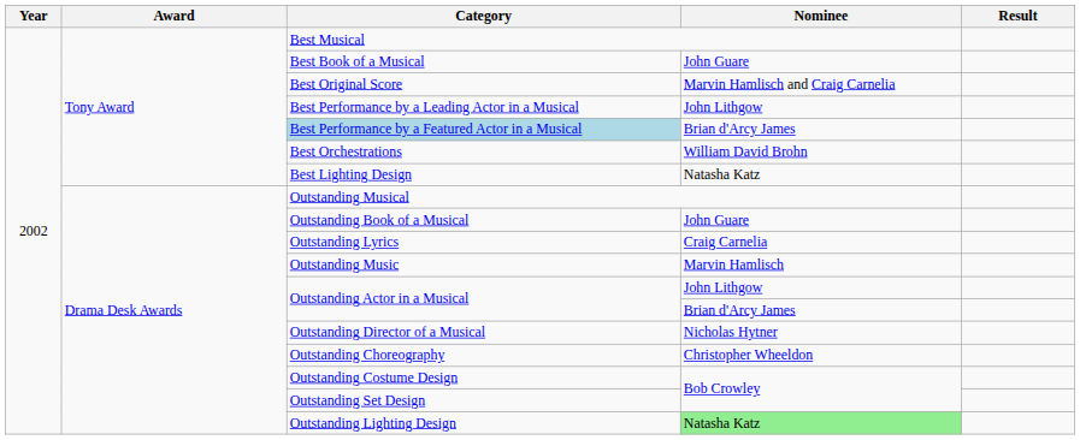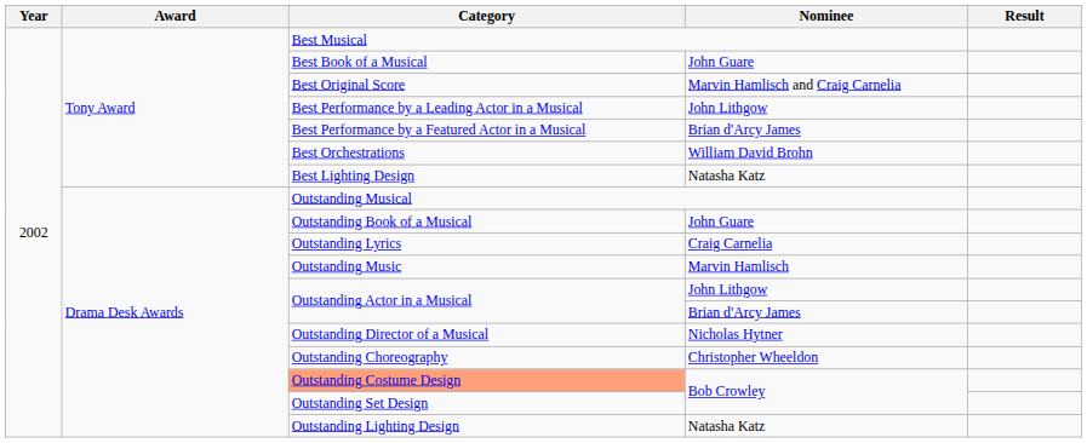 <table class="wikitable" style="width:95%;">
 <tr valign="bottom">
 <th style="width:5%;">Year</th>
 <th style="width:20%;">Award</th>
 <th style="width:35%;">Category</th>
 <th style="width:25%;">Nominee</th>
 <th style="width:10%;">Result</th>
 </tr>
 <tr>
 <td rowspan="23" style="text-align:center;">2002</td>
 <td rowspan="7"><a href='#'>Tony Award</a></td>
 <td colspan="2"><a href='#'>Best Musical</a></td>
 <td></td>
 </tr>
 <tr>
 <td><a href='#'>Best Book of a Musical</a></td>
 <td><a href='#'>John Guare</a></td>
 <td></td>
 </tr>
 <tr>
 <td><a href='#'>Best Original Score</a></td>
 <td><a href='#'>Marvin Hamlisch</a> and <a href='#'>Craig Carnelia</a></td>
 <td></td>
 </tr>
 <tr>
 <td><a href='#'>Best Performance by a Leading Actor in a Musical</a></td>
 <td><a href='#'>John Lithgow</a></td>
 <td></td>
 </tr>
 <tr>
-<td style="background: lightblue;"><a href='#'>Best Performance by a Featured Actor in a Musical</a></td>
+<td><a href='#'>Best Performance by a Featured Actor in a Musical</a></td>
 <td><a href='#'>Brian d'Arcy James</a></td>
 <td></td>
 </tr>
 <tr>
 <td><a href='#'>Best Orchestrations</a></td>
 <td><a href='#'>William David Brohn</a></td>
 <td></td>
 </tr>
 <tr>
 <td><a href='#'>Best Lighting Design</a></td>
 <td>Natasha Katz</td>
 <td></td>
 </tr>
 <tr>
 <td rowspan="11"><a href='#'>Drama Desk Awards</a></td>
 <td colspan="2"><a href='#'>Outstanding Musical</a></td>
 <td></td>
 </tr>
 <tr>
 <td><a href='#'>Outstanding Book of a Musical</a></td>
 <td><a href='#'>John Guare</a></td>
 <td></td>
 </tr>
 <tr>
 <td><a href='#'>Outstanding Lyrics</a></td>
 <td><a href='#'>Craig Carnelia</a></td>
 <td></td>
 </tr>
 <tr>
 <td><a href='#'>Outstanding Music</a></td>
 <td><a href='#'>Marvin Hamlisch</a></td>
 <td></td>
 </tr>
 <tr>
 <td rowspan=2><a href='#'>Outstanding Actor in a Musical</a></td>
 <td><a href='#'>John Lithgow</a></td>
 <td></td>
 </tr>
 <tr>
 <td><a href='#'>Brian d'Arcy James</a></td>
 <td></td>
 </tr>
 <tr>
 <td><a href='#'>Outstanding Director of a Musical</a></td>
 <td><a href='#'>Nicholas Hytner</a></td>
 <td></td>
 </tr>
 <tr>
 <td><a href='#'>Outstanding Choreography</a></td>
 <td><a href='#'>Christopher Wheeldon</a></td>
 <td></td>
 </tr>
 <tr>
-<td><a href='#'>Outstanding Costume Design</a></td>
+<td style="background: lightsalmon;"><a href='#'>Outstanding Costume Design</a></td>
 <td rowspan=2><a href='#'>Bob Crowley</a></td>
 <td></td>
 </tr>
 <tr>
 <td><a href='#'>Outstanding Set Design</a></td>
 <td></td>
 </tr>
 <tr>
 <td><a href='#'>Outstanding Lighting Design</a></td>
-<td style="background: lightgreen;">Natasha Katz</td>
+<td>Natasha Katz</td>
 <td></td>
 </tr>
 </table>
